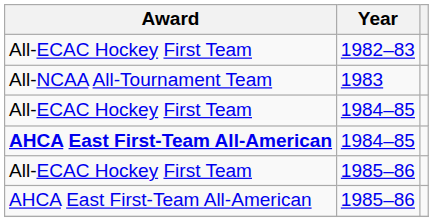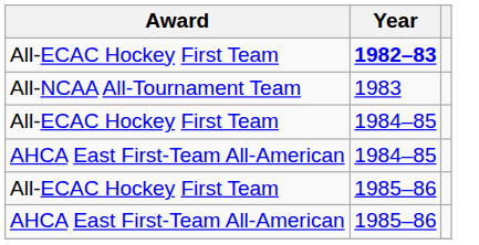 <table class="wikitable">
 <tr>
 <th>Award</th>
 <th>Year</th>
 <th></th>
 </tr>
 <tr>
 <td>All-<a href='#'>ECAC Hockey</a> <a href='#'>First Team</a></td>
-<td><a href='#'>1982–83</a></td>
+<td><strong><a href='#'>1982–83</a></strong></td>
 <td></td>
 </tr>
 <tr>
 <td>All-<a href='#'>NCAA</a> <a href='#'>All-Tournament Team</a></td>
 <td><a href='#'>1983</a></td>
 <td></td>
 </tr>
 <tr>
 <td>All-<a href='#'>ECAC Hockey</a> <a href='#'>First Team</a></td>
 <td><a href='#'>1984–85</a></td>
 <td></td>
 </tr>
 <tr>
-<td><strong><a href='#'>AHCA</a> <a href='#'>East First-Team All-American</a></strong></td>
+<td><a href='#'>AHCA</a> <a href='#'>East First-Team All-American</a></td>
 <td><a href='#'>1984–85</a></td>
 <td></td>
 </tr>
 <tr>
 <td>All-<a href='#'>ECAC Hockey</a> <a href='#'>First Team</a></td>
 <td><a href='#'>1985–86</a></td>
 <td></td>
 </tr>
 <tr>
 <td><a href='#'>AHCA</a> <a href='#'>East First-Team All-American</a></td>
 <td><a href='#'>1985–86</a></td>
 <td></td>
 </tr>
 <tr>
 </tr>
 </table>
